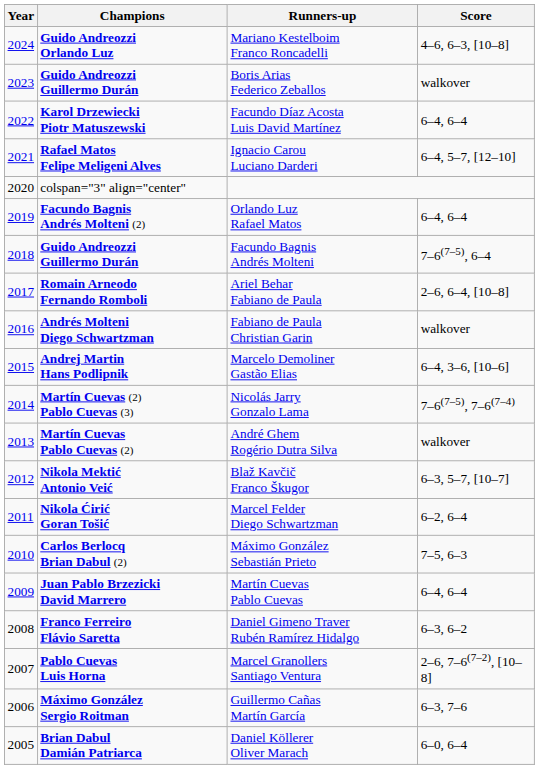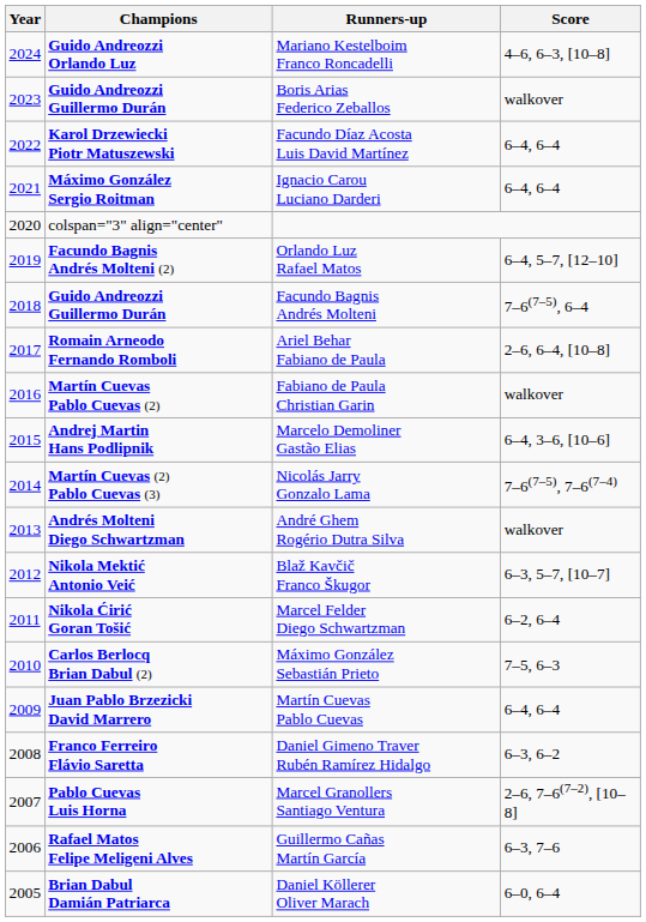 <table class="wikitable" style="font-size:90%">
 <tr>
 <th>Year</th>
 <th width="200">Champions</th>
 <th width="200">Runners-up</th>
 <th width="120">Score</th>
 </tr>
 <tr>
 <td><a href='#'>2024</a></td>
 <td> <strong><a href='#'>Guido Andreozzi</a></strong> <br>  <strong><a href='#'>Orlando Luz</a></strong></td>
 <td> <a href='#'>Mariano Kestelboim</a> <br>  <a href='#'>Franco Roncadelli</a></td>
 <td>4–6, 6–3, [10–8]</td>
 </tr>
 <tr>
 <td><a href='#'>2023</a></td>
 <td> <strong><a href='#'>Guido Andreozzi</a></strong> <br>  <strong><a href='#'>Guillermo Durán</a></strong></td>
 <td> <a href='#'>Boris Arias</a> <br>  <a href='#'>Federico Zeballos</a></td>
 <td>walkover</td>
 </tr>
 <tr>
 <td><a href='#'>2022</a></td>
 <td> <strong><a href='#'>Karol Drzewiecki</a></strong> <br>  <strong><a href='#'>Piotr Matuszewski</a></strong></td>
 <td> <a href='#'>Facundo Díaz Acosta</a> <br>  <a href='#'>Luis David Martínez</a></td>
 <td>6–4, 6–4</td>
 </tr>
 <tr>
 <td><a href='#'>2021</a></td>
-<td> <strong><a href='#'>Rafael Matos</a></strong> <br>  <strong><a href='#'>Felipe Meligeni Alves</a></strong></td>
+<td> <strong><a href='#'>Máximo González</a></strong> <br>  <strong><a href='#'>Sergio Roitman</a></strong></td>
 <td> <a href='#'>Ignacio Carou</a> <br>  <a href='#'>Luciano Darderi</a></td>
-<td>6–4, 5–7, [12–10]</td>
+<td>6–4, 6–4</td>
 </tr>
 <tr>
 <td>2020</td>
 <td>colspan="3" align="center" </td>
 </tr>
 <tr>
 <td><a href='#'>2019</a></td>
 <td> <strong><a href='#'>Facundo Bagnis</a></strong> <br>  <strong><a href='#'>Andrés Molteni</a></strong> <small>(2)</small></td>
 <td> <a href='#'>Orlando Luz</a> <br>  <a href='#'>Rafael Matos</a></td>
-<td>6–4, 6–4</td>
+<td>6–4, 5–7, [12–10]</td>
 </tr>
 <tr>
 <td><a href='#'>2018</a></td>
 <td> <strong><a href='#'>Guido Andreozzi</a></strong> <br>  <strong><a href='#'>Guillermo Durán</a></strong></td>
 <td> <a href='#'>Facundo Bagnis</a> <br>  <a href='#'>Andrés Molteni</a></td>
 <td>7–6<sup>(7–5)</sup>, 6–4</td>
 </tr>
 <tr>
 <td><a href='#'>2017</a></td>
 <td> <strong><a href='#'>Romain Arneodo</a></strong> <br>  <strong><a href='#'>Fernando Romboli</a></strong></td>
 <td> <a href='#'>Ariel Behar</a> <br>  <a href='#'>Fabiano de Paula</a></td>
 <td>2–6, 6–4, [10–8]</td>
 </tr>
 <tr>
 <td><a href='#'>2016</a></td>
-<td> <strong><a href='#'>Andrés Molteni</a></strong> <br>  <strong><a href='#'>Diego Schwartzman</a></strong></td>
+<td> <strong><a href='#'>Martín Cuevas</a></strong> <br>  <strong><a href='#'>Pablo Cuevas</a></strong> <small>(2)</small></td>
 <td> <a href='#'>Fabiano de Paula</a> <br>  <a href='#'>Christian Garin</a></td>
 <td>walkover</td>
 </tr>
 <tr>
 <td><a href='#'>2015</a></td>
 <td> <strong><a href='#'>Andrej Martin</a></strong> <br>  <strong><a href='#'>Hans Podlipnik</a></strong></td>
 <td> <a href='#'>Marcelo Demoliner</a> <br>  <a href='#'>Gastão Elias</a></td>
 <td>6–4, 3–6, [10–6]</td>
 </tr>
 <tr>
 <td><a href='#'>2014</a></td>
 <td> <strong><a href='#'>Martín Cuevas</a></strong> <small>(2)</small> <br>  <strong><a href='#'>Pablo Cuevas</a></strong> <small>(3)</small></td>
 <td> <a href='#'>Nicolás Jarry</a> <br>  <a href='#'>Gonzalo Lama</a></td>
 <td>7–6<sup>(7–5)</sup>, 7–6<sup>(7–4)</sup></td>
 </tr>
 <tr>
 <td><a href='#'>2013</a></td>
-<td> <strong><a href='#'>Martín Cuevas</a></strong> <br>  <strong><a href='#'>Pablo Cuevas</a></strong> <small>(2)</small></td>
+<td> <strong><a href='#'>Andrés Molteni</a></strong> <br>  <strong><a href='#'>Diego Schwartzman</a></strong></td>
 <td> <a href='#'>André Ghem</a> <br>  <a href='#'>Rogério Dutra Silva</a></td>
 <td>walkover</td>
 </tr>
 <tr>
 <td><a href='#'>2012</a></td>
 <td> <strong><a href='#'>Nikola Mektić</a></strong> <br>  <strong><a href='#'>Antonio Veić</a></strong></td>
 <td> <a href='#'>Blaž Kavčič</a> <br>  <a href='#'>Franco Škugor</a></td>
 <td>6–3, 5–7, [10–7]</td>
 </tr>
 <tr>
 <td><a href='#'>2011</a></td>
 <td> <strong><a href='#'>Nikola Ćirić</a></strong> <br>  <strong><a href='#'>Goran Tošić</a></strong></td>
 <td> <a href='#'>Marcel Felder</a> <br>  <a href='#'>Diego Schwartzman</a></td>
 <td>6–2, 6–4</td>
 </tr>
 <tr>
 <td><a href='#'>2010</a></td>
 <td> <strong><a href='#'>Carlos Berlocq</a></strong> <br>  <strong><a href='#'>Brian Dabul</a></strong> <small>(2)</small></td>
 <td> <a href='#'>Máximo González</a> <br>  <a href='#'>Sebastián Prieto</a></td>
 <td>7–5, 6–3</td>
 </tr>
 <tr>
 <td><a href='#'>2009</a></td>
 <td> <strong><a href='#'>Juan Pablo Brzezicki</a></strong> <br>  <strong><a href='#'>David Marrero</a></strong></td>
 <td> <a href='#'>Martín Cuevas</a> <br>  <a href='#'>Pablo Cuevas</a></td>
 <td>6–4, 6–4</td>
 </tr>
 <tr>
 <td>2008</td>
 <td> <strong><a href='#'>Franco Ferreiro</a></strong> <br>  <strong><a href='#'>Flávio Saretta</a></strong></td>
 <td> <a href='#'>Daniel Gimeno Traver</a> <br>  <a href='#'>Rubén Ramírez Hidalgo</a></td>
 <td>6–3, 6–2</td>
 </tr>
 <tr>
 <td>2007</td>
 <td> <strong><a href='#'>Pablo Cuevas</a></strong> <br>  <strong><a href='#'>Luis Horna</a></strong></td>
 <td> <a href='#'>Marcel Granollers</a> <br>  <a href='#'>Santiago Ventura</a></td>
 <td>2–6, 7–6<sup>(7–2)</sup>, [10–8]</td>
 </tr>
 <tr>
 <td>2006</td>
-<td> <strong><a href='#'>Máximo González</a></strong> <br>  <strong><a href='#'>Sergio Roitman</a></strong></td>
+<td> <strong><a href='#'>Rafael Matos</a></strong> <br>  <strong><a href='#'>Felipe Meligeni Alves</a></strong></td>
 <td> <a href='#'>Guillermo Cañas</a> <br>  <a href='#'>Martín García</a></td>
 <td>6–3, 7–6</td>
 </tr>
 <tr>
 <td>2005</td>
 <td> <strong><a href='#'>Brian Dabul</a></strong> <br>  <strong><a href='#'>Damián Patriarca</a></strong></td>
 <td> <a href='#'>Daniel Köllerer</a> <br>  <a href='#'>Oliver Marach</a></td>
 <td>6–0, 6–4</td>
 </tr>
 </table>
